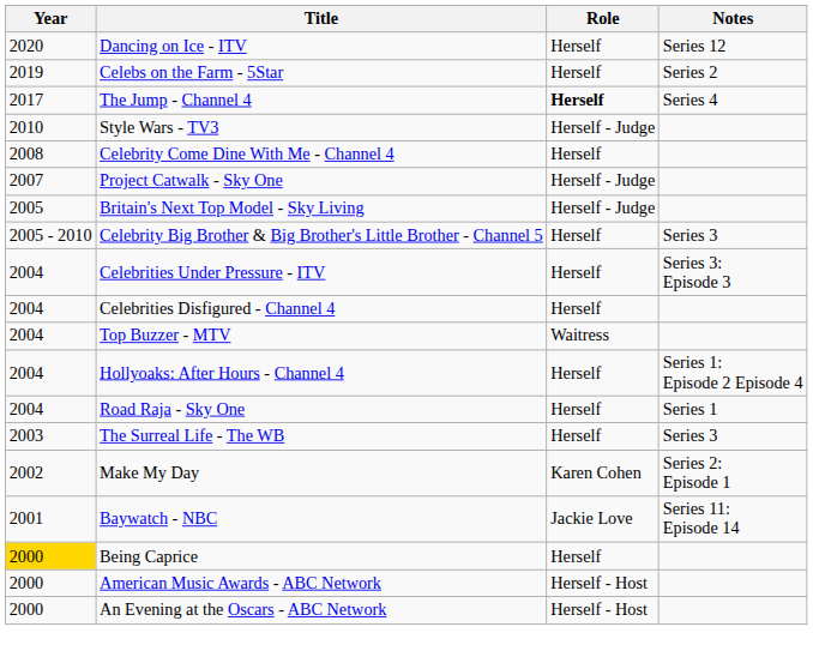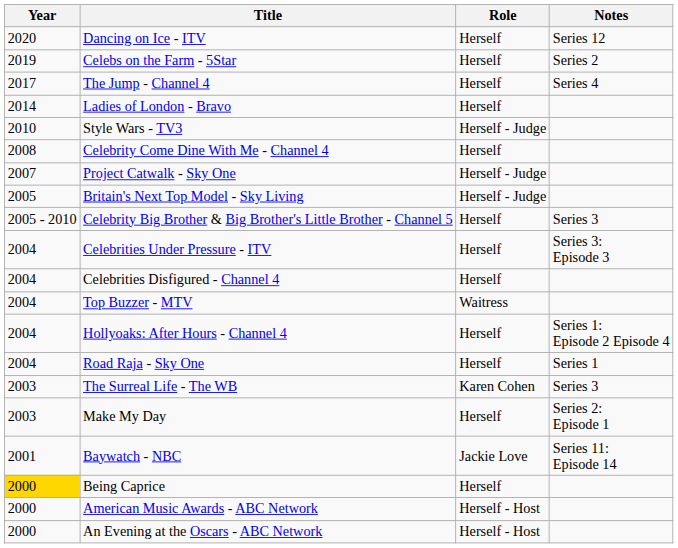 <table class="wikitable">
 <tr>
 <th>Year</th>
 <th>Title</th>
 <th>Role</th>
 <th>Notes</th>
 </tr>
 <tr>
 <td>2020</td>
 <td><a href='#'>Dancing on Ice</a> - <a href='#'>ITV</a></td>
 <td>Herself</td>
 <td>Series 12</td>
 </tr>
 <tr>
 <td>2019</td>
 <td><a href='#'>Celebs on the Farm</a> - <a href='#'>5Star</a></td>
 <td>Herself</td>
 <td>Series 2</td>
 </tr>
 <tr>
 <td>2017</td>
 <td><a href='#'>The Jump</a> - <a href='#'>Channel 4</a></td>
-<td><strong>Herself</strong></td>
+<td>Herself</td>
 <td>Series 4</td>
+</tr>
+<tr>
+<td>2014</td>
+<td><a href='#'>Ladies of London</a> - <a href='#'>Bravo</a></td>
+<td>Herself</td>
+<td></td>
 </tr>
 <tr>
 <td>2010</td>
 <td>Style Wars - <a href='#'>TV3</a></td>
 <td>Herself - Judge</td>
 <td></td>
 </tr>
 <tr>
 <td>2008</td>
 <td><a href='#'>Celebrity Come Dine With Me</a> - <a href='#'>Channel 4</a></td>
 <td>Herself</td>
 <td></td>
 </tr>
 <tr>
 <td>2007</td>
 <td><a href='#'>Project Catwalk</a> - <a href='#'>Sky One</a></td>
 <td>Herself - Judge</td>
 <td></td>
 </tr>
 <tr>
 <td>2005</td>
 <td><a href='#'>Britain's Next Top Model</a> - <a href='#'>Sky Living</a></td>
 <td>Herself - Judge</td>
 <td></td>
 </tr>
 <tr>
 <td>2005 - 2010</td>
 <td><a href='#'>Celebrity Big Brother</a> & <a href='#'>Big Brother's Little Brother</a> - <a href='#'>Channel 5</a></td>
 <td>Herself</td>
 <td>Series 3</td>
 </tr>
 <tr>
 <td>2004</td>
 <td><a href='#'>Celebrities Under Pressure</a> - <a href='#'>ITV</a></td>
 <td>Herself</td>
 <td>Series 3:<br>Episode 3</td>
 </tr>
 <tr>
 <td>2004</td>
 <td>Celebrities Disfigured - <a href='#'>Channel 4</a></td>
 <td>Herself</td>
 <td></td>
 </tr>
 <tr>
 <td>2004</td>
 <td><a href='#'>Top Buzzer</a> - <a href='#'>MTV</a></td>
 <td>Waitress</td>
 <td></td>
 </tr>
 <tr>
 <td>2004</td>
 <td><a href='#'>Hollyoaks: After Hours</a> - <a href='#'>Channel 4</a></td>
 <td>Herself</td>
 <td>Series 1:<br>Episode 2 Episode 4</td>
 </tr>
 <tr>
 <td>2004</td>
 <td><a href='#'>Road Raja</a> - <a href='#'>Sky One</a></td>
 <td>Herself</td>
 <td>Series 1</td>
 </tr>
 <tr>
 <td>2003</td>
 <td><a href='#'>The Surreal Life</a> - <a href='#'>The WB</a></td>
-<td>Herself</td>
+<td>Karen Cohen</td>
 <td>Series 3</td>
 </tr>
 <tr>
-<td>2002</td>
+<td>2003</td>
 <td>Make My Day</td>
-<td>Karen Cohen</td>
+<td>Herself</td>
 <td>Series 2:<br>Episode 1</td>
 </tr>
 <tr>
 <td>2001</td>
 <td><a href='#'>Baywatch</a> - <a href='#'>NBC</a></td>
 <td>Jackie Love</td>
 <td>Series 11:<br>Episode 14</td>
 </tr>
 <tr>
 <td style="background: gold;">2000</td>
 <td>Being Caprice</td>
 <td>Herself</td>
 <td></td>
 </tr>
 <tr>
 <td>2000</td>
 <td><a href='#'>American Music Awards</a> - <a href='#'>ABC Network</a></td>
 <td>Herself - Host</td>
 <td></td>
 </tr>
 <tr>
 <td>2000</td>
 <td>An Evening at the <a href='#'>Oscars</a> - <a href='#'>ABC Network</a></td>
 <td>Herself - Host</td>
 <td></td>
 </tr>
 </table>
